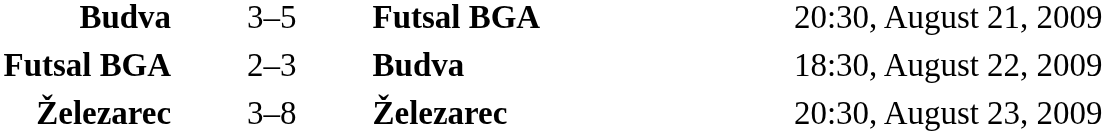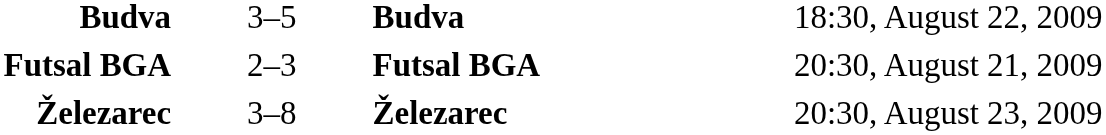 <table style="text-align:center; font-size:90%">
 <tr>
 <th width=180></th>
 <th width=80></th>
 <th width=180></th>
 <th width=200></th>
 </tr>
 <tr>
 <td align=right><strong>Budva</strong></td>
 <td>3–5</td>
-<td align=left><strong>Futsal BGA</strong></td>
-<td align=left>20:30,  August 21, 2009</td>
+<td align=left><strong>Budva</strong></td>
+<td align=left>18:30,  August 22, 2009</td>
 </tr>
 <tr>
 <td align=right><strong>Futsal BGA</strong></td>
 <td>2–3</td>
-<td align=left><strong>Budva</strong></td>
-<td align=left>18:30,  August 22, 2009</td>
+<td align=left><strong>Futsal BGA</strong></td>
+<td align=left>20:30,  August 21, 2009</td>
 </tr>
 <tr>
 <td align=right><strong>Železarec</strong></td>
 <td>3–8</td>
 <td align=left><strong>Železarec</strong></td>
 <td align=left>20:30,  August 23, 2009</td>
 </tr>
 </table>
